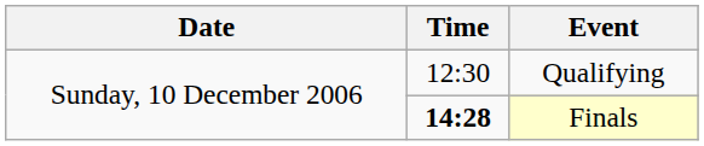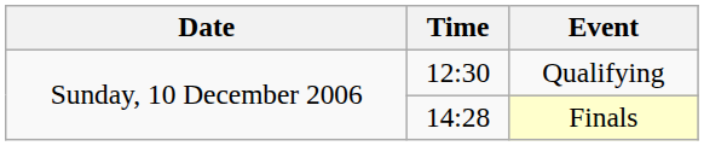 <table class = "wikitable" style="text-align:center;">
 <tr>
 <th width=220>Date</th>
 <th width=50>Time</th>
 <th width=100>Event</th>
 </tr>
 <tr>
 <td rowspan=2>Sunday, 10 December 2006</td>
 <td>12:30</td>
 <td>Qualifying</td>
 </tr>
 <tr>
-<td><strong>14:28</strong></td>
+<td>14:28</td>
 <td bgcolor=ffffcc>Finals</td>
 </tr>
 </table>
